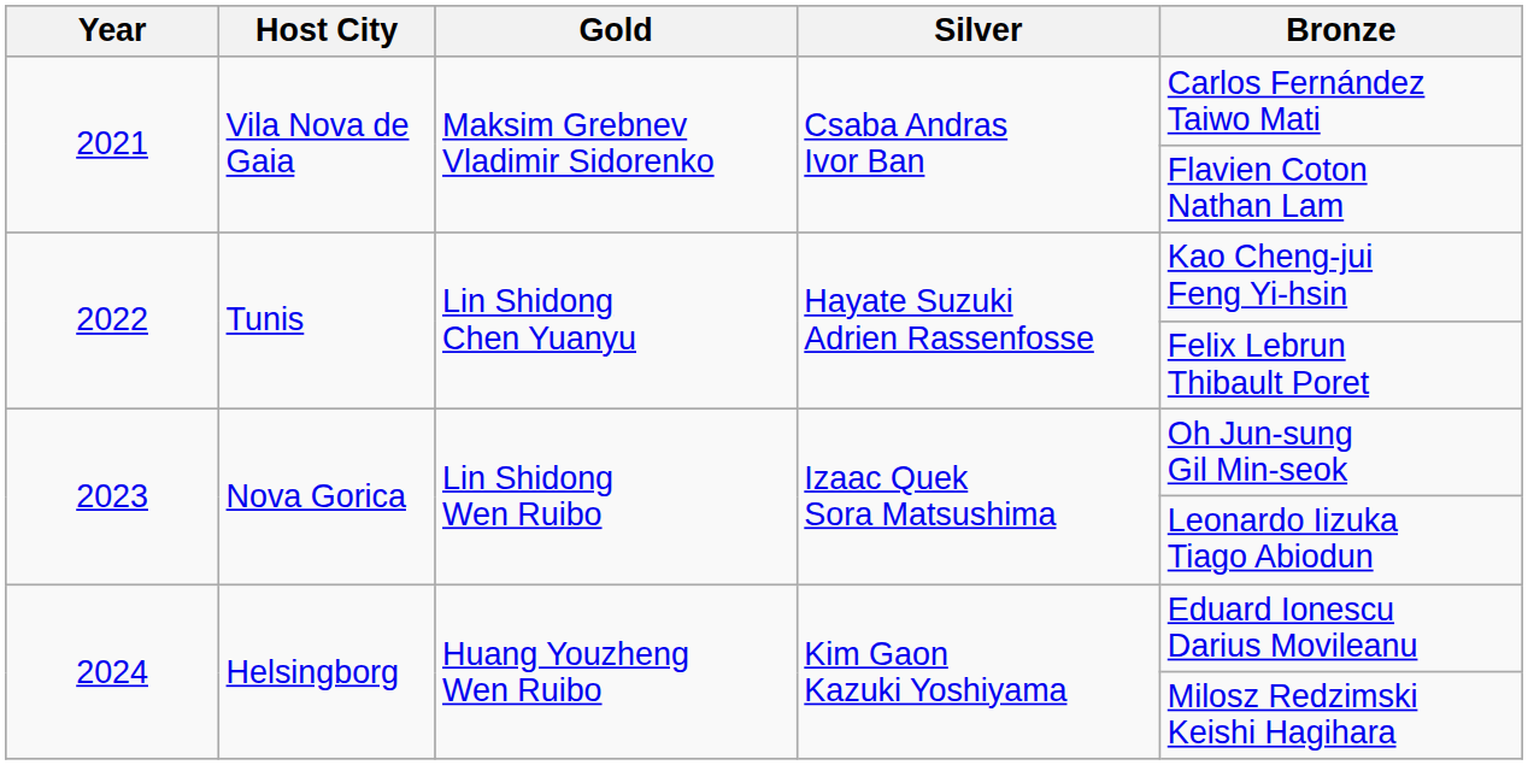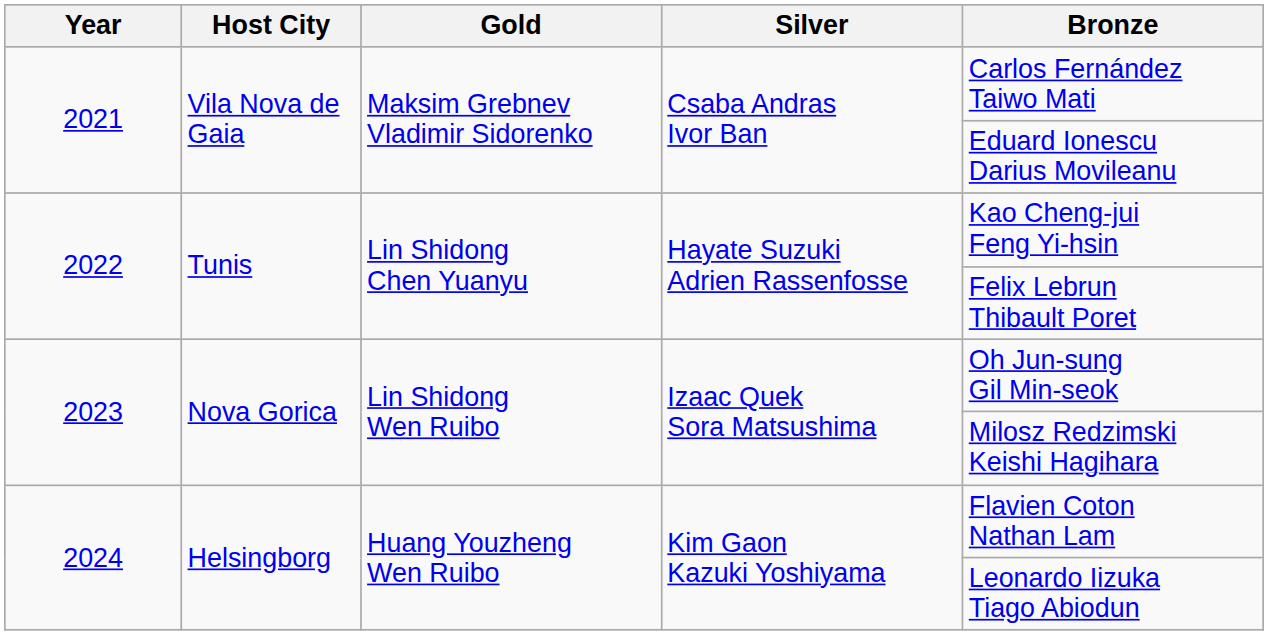 <table class="wikitable" style="text-align: left; width: 750px;">
 <tr>
 <th width="100">Year</th>
 <th width="100">Host City</th>
 <th width="175">Gold</th>
 <th width="175">Silver</th>
 <th width="175">Bronze</th>
 </tr>
 <tr>
 <td rowspan=2 style="text-align: center;"><a href='#'>2021</a></td>
 <td rowspan=2><a href='#'>Vila Nova de Gaia</a></td>
 <td rowspan=2> <a href='#'>Maksim Grebnev</a><br> <a href='#'>Vladimir Sidorenko</a></td>
 <td rowspan=2> <a href='#'>Csaba Andras</a><br> <a href='#'>Ivor Ban</a></td>
 <td> <a href='#'>Carlos Fernández</a><br> <a href='#'>Taiwo Mati</a></td>
 </tr>
 <tr>
-<td> <a href='#'>Flavien Coton</a><br> <a href='#'>Nathan Lam</a></td>
+<td> <a href='#'>Eduard Ionescu</a><br> <a href='#'>Darius Movileanu</a></td>
 </tr>
 <tr>
 <td rowspan=2 style="text-align: center;"><a href='#'>2022</a></td>
 <td rowspan=2><a href='#'>Tunis</a></td>
 <td rowspan=2> <a href='#'>Lin Shidong</a><br> <a href='#'>Chen Yuanyu</a></td>
 <td rowspan=2> <a href='#'>Hayate Suzuki</a><br> <a href='#'>Adrien Rassenfosse</a></td>
 <td> <a href='#'>Kao Cheng-jui</a><br> <a href='#'>Feng Yi-hsin</a></td>
 </tr>
 <tr>
 <td> <a href='#'>Felix Lebrun</a><br> <a href='#'>Thibault Poret</a></td>
 </tr>
 <tr>
 <td rowspan="2" style="text-align: center;"><a href='#'>2023</a></td>
 <td rowspan="2"><a href='#'>Nova Gorica</a></td>
 <td rowspan="2"> <a href='#'>Lin Shidong</a><br> <a href='#'>Wen Ruibo</a></td>
 <td rowspan=2> <a href='#'>Izaac Quek</a><br> <a href='#'>Sora Matsushima</a></td>
 <td> <a href='#'>Oh Jun-sung</a><br> <a href='#'>Gil Min-seok</a></td>
 </tr>
 <tr>
-<td> <a href='#'>Leonardo Iizuka</a><br> <a href='#'>Tiago Abiodun</a></td>
+<td> <a href='#'>Milosz Redzimski</a><br> <a href='#'>Keishi Hagihara</a></td>
 </tr>
 <tr>
 <td rowspan=2 style="text-align: center;"><a href='#'>2024</a></td>
 <td rowspan=2><a href='#'>Helsingborg</a></td>
 <td rowspan=2> <a href='#'>Huang Youzheng</a><br> <a href='#'>Wen Ruibo</a></td>
 <td rowspan=2> <a href='#'>Kim Gaon</a><br> <a href='#'>Kazuki Yoshiyama</a></td>
-<td> <a href='#'>Eduard Ionescu</a><br> <a href='#'>Darius Movileanu</a></td>
+<td> <a href='#'>Flavien Coton</a><br> <a href='#'>Nathan Lam</a></td>
 </tr>
 <tr>
-<td> <a href='#'>Milosz Redzimski</a><br> <a href='#'>Keishi Hagihara</a></td>
+<td> <a href='#'>Leonardo Iizuka</a><br> <a href='#'>Tiago Abiodun</a></td>
 </tr>
 </table>
